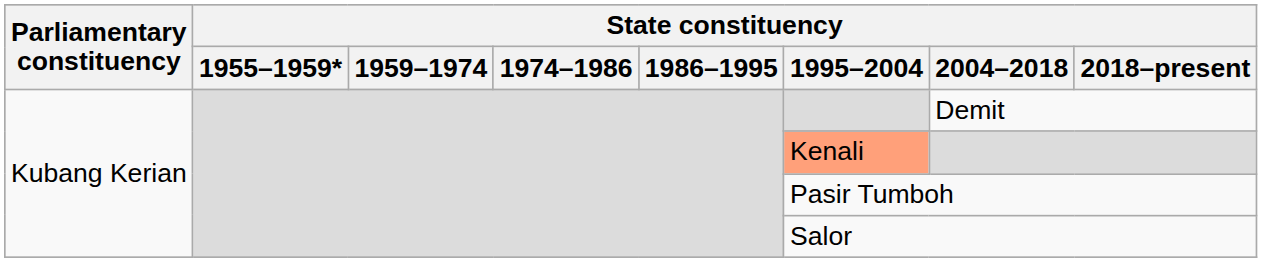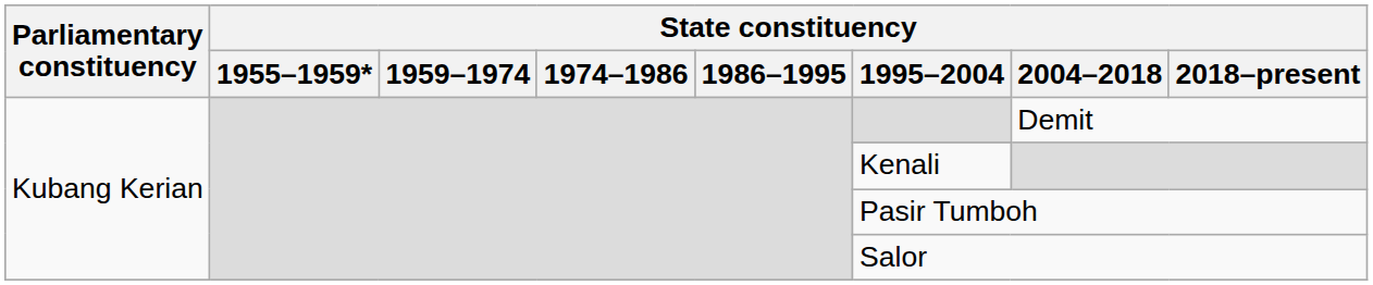 <table class="wikitable">
 <tr>
 <th rowspan="2">Parliamentary<br>constituency</th>
 <th colspan="7">State constituency</th>
 </tr>
 <tr>
 <th>1955–1959*</th>
 <th>1959–1974</th>
 <th>1974–1986</th>
 <th>1986–1995</th>
 <th>1995–2004</th>
 <th>2004–2018</th>
 <th>2018–present</th>
 </tr>
 <tr>
 <td rowspan="4">Kubang Kerian</td>
 <td colspan="4" rowspan="4" bgcolor="dcdcdc"></td>
 <td bgcolor="dcdcdc"></td>
 <td colspan="2">Demit</td>
 </tr>
 <tr>
-<td style="background: lightsalmon;">Kenali</td>
+<td>Kenali</td>
 <td colspan="2" bgcolor="dcdcdc"></td>
 </tr>
 <tr>
 <td colspan="3">Pasir Tumboh</td>
 </tr>
 <tr>
 <td colspan="3">Salor</td>
 </tr>
 </table>
